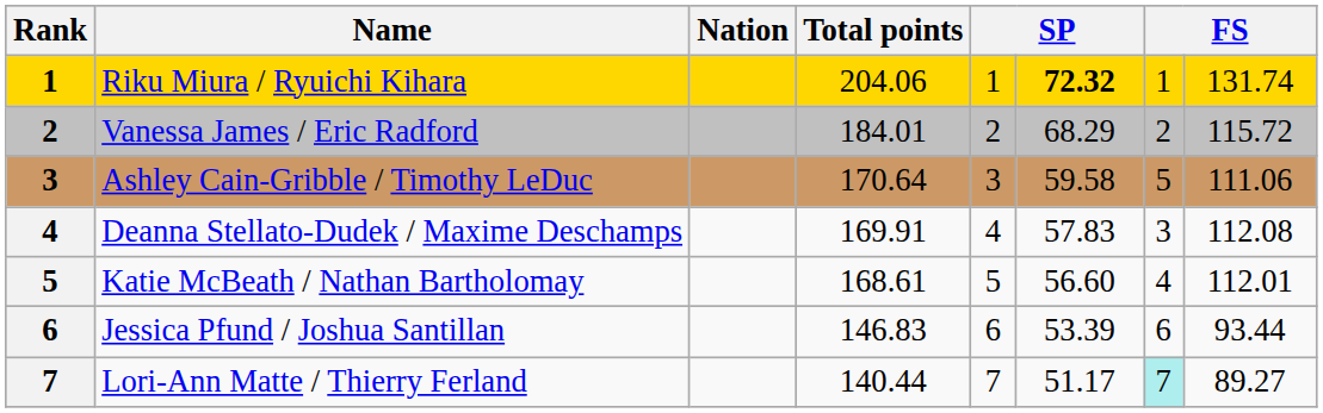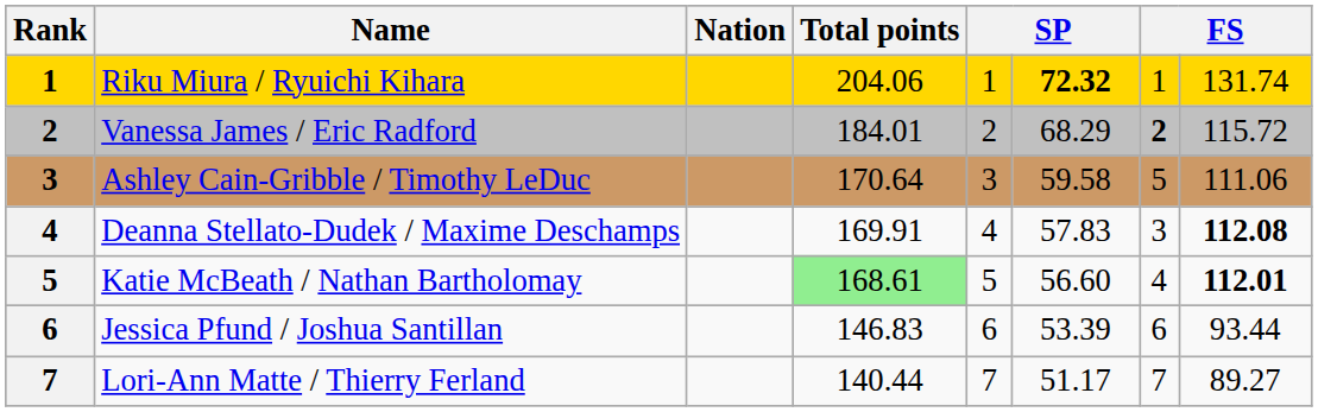 <table class="wikitable sortable">
 <tr>
 <th>Rank</th>
 <th>Name</th>
 <th>Nation</th>
 <th>Total points</th>
 <th colspan="2" width="80px"><a href='#'>SP</a></th>
 <th colspan="2" width="80px"><a href='#'>FS</a></th>
 </tr>
 <tr bgcolor="gold">
 <td align="center"><strong>1</strong></td>
 <td><a href='#'>Riku Miura</a> / <a href='#'>Ryuichi Kihara</a></td>
 <td></td>
 <td align="center">204.06</td>
 <td align="center">1</td>
 <td align="center"><strong>72.32</strong></td>
 <td align="center">1</td>
 <td align="center">131.74</td>
 </tr>
 <tr bgcolor="silver">
 <td align="center"><strong>2</strong></td>
 <td><a href='#'>Vanessa James</a> / <a href='#'>Eric Radford</a></td>
 <td></td>
 <td align="center">184.01</td>
 <td align="center">2</td>
 <td align="center">68.29</td>
-<td align="center">2</td>
+<td align="center"><strong>2</strong></td>
 <td align="center">115.72</td>
 </tr>
 <tr bgcolor="cc9966">
 <td align="center"><strong>3</strong></td>
 <td><a href='#'>Ashley Cain-Gribble</a> / <a href='#'>Timothy LeDuc</a></td>
 <td></td>
 <td align="center">170.64</td>
 <td align="center">3</td>
 <td align="center">59.58</td>
 <td align="center">5</td>
 <td align="center">111.06</td>
 </tr>
 <tr>
 <th>4</th>
 <td><a href='#'>Deanna Stellato-Dudek</a> / <a href='#'>Maxime Deschamps</a></td>
 <td></td>
 <td align="center">169.91</td>
 <td align="center">4</td>
 <td align="center">57.83</td>
 <td align="center">3</td>
-<td align="center">112.08</td>
+<td align="center"><strong>112.08</strong></td>
 </tr>
 <tr>
 <th>5</th>
 <td><a href='#'>Katie McBeath</a> / <a href='#'>Nathan Bartholomay</a></td>
 <td></td>
-<td align="center">168.61</td>
+<td align="center" style="background: lightgreen;">168.61</td>
 <td align="center">5</td>
 <td align="center">56.60</td>
 <td align="center">4</td>
-<td align="center">112.01</td>
+<td align="center"><strong>112.01</strong></td>
 </tr>
 <tr>
 <th>6</th>
 <td><a href='#'>Jessica Pfund</a> / <a href='#'>Joshua Santillan</a></td>
 <td></td>
 <td align="center">146.83</td>
 <td align="center">6</td>
 <td align="center">53.39</td>
 <td align="center">6</td>
 <td align="center">93.44</td>
 </tr>
 <tr>
 <th>7</th>
 <td><a href='#'>Lori-Ann Matte</a> / <a href='#'>Thierry Ferland</a></td>
 <td></td>
 <td align="center">140.44</td>
 <td align="center">7</td>
 <td align="center">51.17</td>
-<td align="center" style="background: paleturquoise;">7</td>
+<td align="center">7</td>
 <td align="center">89.27</td>
 </tr>
 </table>
